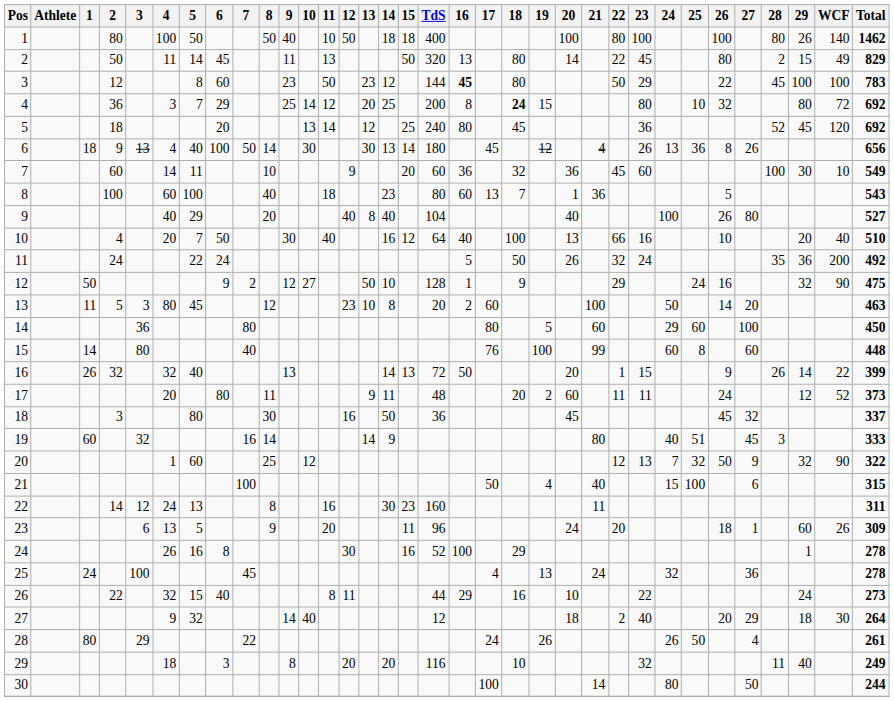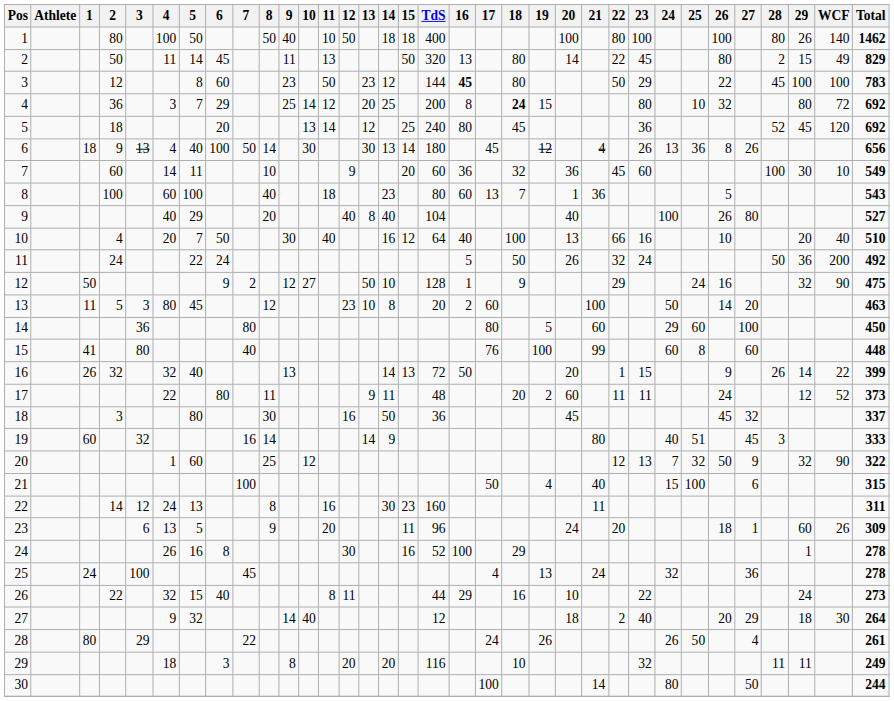 <table class="wikitable" style="font-size: 90%">
 <tr align="right">
 <th>Pos</th>
 <th>Athlete</th>
 <th>1</th>
 <th>2</th>
 <th>3</th>
 <th>4</th>
 <th>5</th>
 <th>6</th>
 <th>7</th>
 <th>8</th>
 <th>9</th>
 <th>10</th>
 <th>11</th>
 <th>12</th>
 <th>13</th>
 <th>14</th>
 <th>15</th>
 <th><a href='#'>TdS</a></th>
 <th>16</th>
 <th>17</th>
 <th>18</th>
 <th>19</th>
 <th>20</th>
 <th>21</th>
 <th>22</th>
 <th>23</th>
 <th>24</th>
 <th>25</th>
 <th>26</th>
 <th>27</th>
 <th>28</th>
 <th>29</th>
 <th>WCF</th>
 <th>Total</th>
 </tr>
 <tr align="right">
 <td>1</td>
 <td align="left"></td>
 <td></td>
 <td>80</td>
 <td></td>
 <td>100</td>
 <td>50</td>
 <td></td>
 <td></td>
 <td>50</td>
 <td>40</td>
 <td></td>
 <td>10</td>
 <td>50</td>
 <td></td>
 <td>18</td>
 <td>18</td>
 <td>400</td>
 <td></td>
 <td></td>
 <td></td>
 <td></td>
 <td>100</td>
 <td></td>
 <td>80</td>
 <td>100</td>
 <td></td>
 <td></td>
 <td>100</td>
 <td></td>
 <td>80</td>
 <td>26</td>
 <td>140</td>
 <td><strong>1462</strong></td>
 </tr>
 <tr align="right">
 <td>2</td>
 <td align="left"></td>
 <td></td>
 <td>50</td>
 <td></td>
 <td>11</td>
 <td>14</td>
 <td>45</td>
 <td></td>
 <td></td>
 <td>11</td>
 <td></td>
 <td>13</td>
 <td></td>
 <td></td>
 <td></td>
 <td>50</td>
 <td>320</td>
 <td>13</td>
 <td></td>
 <td>80</td>
 <td></td>
 <td>14</td>
 <td></td>
 <td>22</td>
 <td>45</td>
 <td></td>
 <td></td>
 <td>80</td>
 <td></td>
 <td>2</td>
 <td>15</td>
 <td>49</td>
 <td><strong>829</strong></td>
 </tr>
 <tr align="right">
 <td>3</td>
 <td align="left"></td>
 <td></td>
 <td>12</td>
 <td></td>
 <td></td>
 <td>8</td>
 <td>60</td>
 <td></td>
 <td></td>
 <td>23</td>
 <td></td>
 <td>50</td>
 <td></td>
 <td>23</td>
 <td>12</td>
 <td></td>
 <td>144</td>
 <td><strong>45</strong></td>
 <td></td>
 <td>80</td>
 <td></td>
 <td></td>
 <td></td>
 <td>50</td>
 <td>29</td>
 <td></td>
 <td></td>
 <td>22</td>
 <td></td>
 <td>45</td>
 <td>100</td>
 <td>100</td>
 <td><strong>783</strong></td>
 </tr>
 <tr align="right">
 <td>4</td>
 <td align="left"></td>
 <td></td>
 <td>36</td>
 <td></td>
 <td>3</td>
 <td>7</td>
 <td>29</td>
 <td></td>
 <td></td>
 <td>25</td>
 <td>14</td>
 <td>12</td>
 <td></td>
 <td>20</td>
 <td>25</td>
 <td></td>
 <td>200</td>
 <td>8</td>
 <td></td>
 <td><strong>24</strong></td>
 <td>15</td>
 <td></td>
 <td></td>
 <td></td>
 <td>80</td>
 <td></td>
 <td>10</td>
 <td>32</td>
 <td></td>
 <td></td>
 <td>80</td>
 <td>72</td>
 <td><strong>692</strong></td>
 </tr>
 <tr align="right">
 <td>5</td>
 <td align="left"></td>
 <td></td>
 <td>18</td>
 <td></td>
 <td></td>
 <td></td>
 <td>20</td>
 <td></td>
 <td></td>
 <td></td>
 <td>13</td>
 <td>14</td>
 <td></td>
 <td>12</td>
 <td></td>
 <td>25</td>
 <td>240</td>
 <td>80</td>
 <td></td>
 <td>45</td>
 <td></td>
 <td></td>
 <td></td>
 <td></td>
 <td>36</td>
 <td></td>
 <td></td>
 <td></td>
 <td></td>
 <td>52</td>
 <td>45</td>
 <td>120</td>
 <td><strong>692</strong></td>
 </tr>
 <tr align="right">
 <td>6</td>
 <td align="left"></td>
 <td>18</td>
 <td>9</td>
 <td><s>13</s></td>
 <td>4</td>
 <td>40</td>
 <td>100</td>
 <td>50</td>
 <td>14</td>
 <td></td>
 <td>30</td>
 <td></td>
 <td></td>
 <td>30</td>
 <td>13</td>
 <td>14</td>
 <td>180</td>
 <td></td>
 <td>45</td>
 <td></td>
 <td><s>12</s></td>
 <td></td>
 <td><s>4</s></td>
 <td></td>
 <td>26</td>
 <td>13</td>
 <td>36</td>
 <td>8</td>
 <td>26</td>
 <td></td>
 <td></td>
 <td></td>
 <td><strong>656</strong></td>
 </tr>
 <tr align="right">
 <td>7</td>
 <td align="left"></td>
 <td></td>
 <td>60</td>
 <td></td>
 <td>14</td>
 <td>11</td>
 <td></td>
 <td></td>
 <td>10</td>
 <td></td>
 <td></td>
 <td></td>
 <td>9</td>
 <td></td>
 <td></td>
 <td>20</td>
 <td>60</td>
 <td>36</td>
 <td></td>
 <td>32</td>
 <td></td>
 <td>36</td>
 <td></td>
 <td>45</td>
 <td>60</td>
 <td></td>
 <td></td>
 <td></td>
 <td></td>
 <td>100</td>
 <td>30</td>
 <td>10</td>
 <td><strong>549</strong></td>
 </tr>
 <tr align="right">
 <td>8</td>
 <td align="left"></td>
 <td></td>
 <td>100</td>
 <td></td>
 <td>60</td>
 <td>100</td>
 <td></td>
 <td></td>
 <td>40</td>
 <td></td>
 <td></td>
 <td>18</td>
 <td></td>
 <td></td>
 <td>23</td>
 <td></td>
 <td>80</td>
 <td>60</td>
 <td>13</td>
 <td>7</td>
 <td></td>
 <td>1</td>
 <td>36</td>
 <td></td>
 <td></td>
 <td></td>
 <td></td>
 <td>5</td>
 <td></td>
 <td></td>
 <td></td>
 <td></td>
 <td><strong>543</strong></td>
 </tr>
 <tr align="right">
 <td>9</td>
 <td align="left"></td>
 <td></td>
 <td></td>
 <td></td>
 <td>40</td>
 <td>29</td>
 <td></td>
 <td></td>
 <td>20</td>
 <td></td>
 <td></td>
 <td></td>
 <td>40</td>
 <td>8</td>
 <td>40</td>
 <td></td>
 <td>104</td>
 <td></td>
 <td></td>
 <td></td>
 <td></td>
 <td>40</td>
 <td></td>
 <td></td>
 <td></td>
 <td>100</td>
 <td></td>
 <td>26</td>
 <td>80</td>
 <td></td>
 <td></td>
 <td></td>
 <td><strong>527</strong></td>
 </tr>
 <tr align="right">
 <td>10</td>
 <td align="left"></td>
 <td></td>
 <td>4</td>
 <td></td>
 <td>20</td>
 <td>7</td>
 <td>50</td>
 <td></td>
 <td></td>
 <td>30</td>
 <td></td>
 <td>40</td>
 <td></td>
 <td></td>
 <td>16</td>
 <td>12</td>
 <td>64</td>
 <td>40</td>
 <td></td>
 <td>100</td>
 <td></td>
 <td>13</td>
 <td></td>
 <td>66</td>
 <td>16</td>
 <td></td>
 <td></td>
 <td>10</td>
 <td></td>
 <td></td>
 <td>20</td>
 <td>40</td>
 <td><strong>510</strong></td>
 </tr>
 <tr align="right">
 <td>11</td>
 <td align="left"></td>
 <td></td>
 <td>24</td>
 <td></td>
 <td></td>
 <td>22</td>
 <td>24</td>
 <td></td>
 <td></td>
 <td></td>
 <td></td>
 <td></td>
 <td></td>
 <td></td>
 <td></td>
 <td></td>
 <td></td>
 <td>5</td>
 <td></td>
 <td>50</td>
 <td></td>
 <td>26</td>
 <td></td>
 <td>32</td>
 <td>24</td>
 <td></td>
 <td></td>
 <td></td>
 <td></td>
-<td>35</td>
+<td>50</td>
 <td>36</td>
 <td>200</td>
 <td><strong>492</strong></td>
 </tr>
 <tr align="right">
 <td>12</td>
 <td align="left"></td>
 <td>50</td>
 <td></td>
 <td></td>
 <td></td>
 <td></td>
 <td>9</td>
 <td>2</td>
 <td></td>
 <td>12</td>
 <td>27</td>
 <td></td>
 <td></td>
 <td>50</td>
 <td>10</td>
 <td></td>
 <td>128</td>
 <td>1</td>
 <td></td>
 <td>9</td>
 <td></td>
 <td></td>
 <td></td>
 <td>29</td>
 <td></td>
 <td></td>
 <td>24</td>
 <td>16</td>
 <td></td>
 <td></td>
 <td>32</td>
 <td>90</td>
 <td><strong>475</strong></td>
 </tr>
 <tr align="right">
 <td>13</td>
 <td align="left"></td>
 <td>11</td>
 <td>5</td>
 <td>3</td>
 <td>80</td>
 <td>45</td>
 <td></td>
 <td></td>
 <td>12</td>
 <td></td>
 <td></td>
 <td></td>
 <td>23</td>
 <td>10</td>
 <td>8</td>
 <td></td>
 <td>20</td>
 <td>2</td>
 <td>60</td>
 <td></td>
 <td></td>
 <td></td>
 <td>100</td>
 <td></td>
 <td></td>
 <td>50</td>
 <td></td>
 <td>14</td>
 <td>20</td>
 <td></td>
 <td></td>
 <td></td>
 <td><strong>463</strong></td>
 </tr>
 <tr align="right">
 <td>14</td>
 <td align="left"></td>
 <td></td>
 <td></td>
 <td>36</td>
 <td></td>
 <td></td>
 <td></td>
 <td>80</td>
 <td></td>
 <td></td>
 <td></td>
 <td></td>
 <td></td>
 <td></td>
 <td></td>
 <td></td>
 <td></td>
 <td></td>
 <td>80</td>
 <td></td>
 <td>5</td>
 <td></td>
 <td>60</td>
 <td></td>
 <td></td>
 <td>29</td>
 <td>60</td>
 <td></td>
 <td>100</td>
 <td></td>
 <td></td>
 <td></td>
 <td><strong>450</strong></td>
 </tr>
 <tr align="right">
 <td>15</td>
 <td align="left"></td>
-<td>14</td>
+<td>41</td>
 <td></td>
 <td>80</td>
 <td></td>
 <td></td>
 <td></td>
 <td>40</td>
 <td></td>
 <td></td>
 <td></td>
 <td></td>
 <td></td>
 <td></td>
 <td></td>
 <td></td>
 <td></td>
 <td></td>
 <td>76</td>
 <td></td>
 <td>100</td>
 <td></td>
 <td>99</td>
 <td></td>
 <td></td>
 <td>60</td>
 <td>8</td>
 <td></td>
 <td>60</td>
 <td></td>
 <td></td>
 <td></td>
 <td><strong>448</strong></td>
 </tr>
 <tr align="right">
 <td>16</td>
 <td align="left"></td>
 <td>26</td>
 <td>32</td>
 <td></td>
 <td>32</td>
 <td>40</td>
 <td></td>
 <td></td>
 <td></td>
 <td>13</td>
 <td></td>
 <td></td>
 <td></td>
 <td></td>
 <td>14</td>
 <td>13</td>
 <td>72</td>
 <td>50</td>
 <td></td>
 <td></td>
 <td></td>
 <td>20</td>
 <td></td>
 <td>1</td>
 <td>15</td>
 <td></td>
 <td></td>
 <td>9</td>
 <td></td>
 <td>26</td>
 <td>14</td>
 <td>22</td>
 <td><strong>399</strong></td>
 </tr>
 <tr align="right">
 <td>17</td>
 <td align="left"></td>
 <td></td>
 <td></td>
 <td></td>
-<td>20</td>
+<td>22</td>
 <td></td>
 <td>80</td>
 <td></td>
 <td>11</td>
 <td></td>
 <td></td>
 <td></td>
 <td></td>
 <td>9</td>
 <td>11</td>
 <td></td>
 <td>48</td>
 <td></td>
 <td></td>
 <td>20</td>
 <td>2</td>
 <td>60</td>
 <td></td>
 <td>11</td>
 <td>11</td>
 <td></td>
 <td></td>
 <td>24</td>
 <td></td>
 <td></td>
 <td>12</td>
 <td>52</td>
 <td><strong>373</strong></td>
 </tr>
 <tr align="right">
 <td>18</td>
 <td align="left"></td>
 <td></td>
 <td>3</td>
 <td></td>
 <td></td>
 <td>80</td>
 <td></td>
 <td></td>
 <td>30</td>
 <td></td>
 <td></td>
 <td></td>
 <td>16</td>
 <td></td>
 <td>50</td>
 <td></td>
 <td>36</td>
 <td></td>
 <td></td>
 <td></td>
 <td></td>
 <td>45</td>
 <td></td>
 <td></td>
 <td></td>
 <td></td>
 <td></td>
 <td>45</td>
 <td>32</td>
 <td></td>
 <td></td>
 <td></td>
 <td><strong>337</strong></td>
 </tr>
 <tr align="right">
 <td>19</td>
 <td align="left"></td>
 <td>60</td>
 <td></td>
 <td>32</td>
 <td></td>
 <td></td>
 <td></td>
 <td>16</td>
 <td>14</td>
 <td></td>
 <td></td>
 <td></td>
 <td></td>
 <td>14</td>
 <td>9</td>
 <td></td>
 <td></td>
 <td></td>
 <td></td>
 <td></td>
 <td></td>
 <td></td>
 <td>80</td>
 <td></td>
 <td></td>
 <td>40</td>
 <td>51</td>
 <td></td>
 <td>45</td>
 <td>3</td>
 <td></td>
 <td></td>
 <td><strong>333</strong></td>
 </tr>
 <tr align="right">
 <td>20</td>
 <td align="left"></td>
 <td></td>
 <td></td>
 <td></td>
 <td>1</td>
 <td>60</td>
 <td></td>
 <td></td>
 <td>25</td>
 <td></td>
 <td>12</td>
 <td></td>
 <td></td>
 <td></td>
 <td></td>
 <td></td>
 <td></td>
 <td></td>
 <td></td>
 <td></td>
 <td></td>
 <td></td>
 <td></td>
 <td>12</td>
 <td>13</td>
 <td>7</td>
 <td>32</td>
 <td>50</td>
 <td>9</td>
 <td></td>
 <td>32</td>
 <td>90</td>
 <td><strong>322</strong></td>
 </tr>
 <tr align="right">
 <td>21</td>
 <td align="left"></td>
 <td></td>
 <td></td>
 <td></td>
 <td></td>
 <td></td>
 <td></td>
 <td>100</td>
 <td></td>
 <td></td>
 <td></td>
 <td></td>
 <td></td>
 <td></td>
 <td></td>
 <td></td>
 <td></td>
 <td></td>
 <td>50</td>
 <td></td>
 <td>4</td>
 <td></td>
 <td>40</td>
 <td></td>
 <td></td>
 <td>15</td>
 <td>100</td>
 <td></td>
 <td>6</td>
 <td></td>
 <td></td>
 <td></td>
 <td><strong>315</strong></td>
 </tr>
 <tr align="right">
 <td>22</td>
 <td align="left"></td>
 <td></td>
 <td>14</td>
 <td>12</td>
 <td>24</td>
 <td>13</td>
 <td></td>
 <td></td>
 <td>8</td>
 <td></td>
 <td></td>
 <td>16</td>
 <td></td>
 <td></td>
 <td>30</td>
 <td>23</td>
 <td>160</td>
 <td></td>
 <td></td>
 <td></td>
 <td></td>
 <td></td>
 <td>11</td>
 <td></td>
 <td></td>
 <td></td>
 <td></td>
 <td></td>
 <td></td>
 <td></td>
 <td></td>
 <td></td>
 <td><strong>311</strong></td>
 </tr>
 <tr align="right">
 <td>23</td>
 <td align="left"></td>
 <td></td>
 <td></td>
 <td>6</td>
 <td>13</td>
 <td>5</td>
 <td></td>
 <td></td>
 <td>9</td>
 <td></td>
 <td></td>
 <td>20</td>
 <td></td>
 <td></td>
 <td></td>
 <td>11</td>
 <td>96</td>
 <td></td>
 <td></td>
 <td></td>
 <td></td>
 <td>24</td>
 <td></td>
 <td>20</td>
 <td></td>
 <td></td>
 <td></td>
 <td>18</td>
 <td>1</td>
 <td></td>
 <td>60</td>
 <td>26</td>
 <td><strong>309</strong></td>
 </tr>
 <tr align="right">
 <td>24</td>
 <td align="left"></td>
 <td></td>
 <td></td>
 <td></td>
 <td>26</td>
 <td>16</td>
 <td>8</td>
 <td></td>
 <td></td>
 <td></td>
 <td></td>
 <td></td>
 <td>30</td>
 <td></td>
 <td></td>
 <td>16</td>
 <td>52</td>
 <td>100</td>
 <td></td>
 <td>29</td>
 <td></td>
 <td></td>
 <td></td>
 <td></td>
 <td></td>
 <td></td>
 <td></td>
 <td></td>
 <td></td>
 <td></td>
 <td>1</td>
 <td></td>
 <td><strong>278</strong></td>
 </tr>
 <tr align="right">
 <td>25</td>
 <td align="left"></td>
 <td>24</td>
 <td></td>
 <td>100</td>
 <td></td>
 <td></td>
 <td></td>
 <td>45</td>
 <td></td>
 <td></td>
 <td></td>
 <td></td>
 <td></td>
 <td></td>
 <td></td>
 <td></td>
 <td></td>
 <td></td>
 <td>4</td>
 <td></td>
 <td>13</td>
 <td></td>
 <td>24</td>
 <td></td>
 <td></td>
 <td>32</td>
 <td></td>
 <td></td>
 <td>36</td>
 <td></td>
 <td></td>
 <td></td>
 <td><strong>278</strong></td>
 </tr>
 <tr align="right">
 <td>26</td>
 <td align="left"></td>
 <td></td>
 <td>22</td>
 <td></td>
 <td>32</td>
 <td>15</td>
 <td>40</td>
 <td></td>
 <td></td>
 <td></td>
 <td></td>
 <td>8</td>
 <td>11</td>
 <td></td>
 <td></td>
 <td></td>
 <td>44</td>
 <td>29</td>
 <td></td>
 <td>16</td>
 <td></td>
 <td>10</td>
 <td></td>
 <td></td>
 <td>22</td>
 <td></td>
 <td></td>
 <td></td>
 <td></td>
 <td></td>
 <td>24</td>
 <td></td>
 <td><strong>273</strong></td>
 </tr>
 <tr align="right">
 <td>27</td>
 <td align="left"></td>
 <td></td>
 <td></td>
 <td></td>
 <td>9</td>
 <td>32</td>
 <td></td>
 <td></td>
 <td></td>
 <td>14</td>
 <td>40</td>
 <td></td>
 <td></td>
 <td></td>
 <td></td>
 <td></td>
 <td>12</td>
 <td></td>
 <td></td>
 <td></td>
 <td></td>
 <td>18</td>
 <td></td>
 <td>2</td>
 <td>40</td>
 <td></td>
 <td></td>
 <td>20</td>
 <td>29</td>
 <td></td>
 <td>18</td>
 <td>30</td>
 <td><strong>264</strong></td>
 </tr>
 <tr align="right">
 <td>28</td>
 <td align="left"></td>
 <td>80</td>
 <td></td>
 <td>29</td>
 <td></td>
 <td></td>
 <td></td>
 <td>22</td>
 <td></td>
 <td></td>
 <td></td>
 <td></td>
 <td></td>
 <td></td>
 <td></td>
 <td></td>
 <td></td>
 <td></td>
 <td>24</td>
 <td></td>
 <td>26</td>
 <td></td>
 <td></td>
 <td></td>
 <td></td>
 <td>26</td>
 <td>50</td>
 <td></td>
 <td>4</td>
 <td></td>
 <td></td>
 <td></td>
 <td><strong>261</strong></td>
 </tr>
 <tr align="right">
 <td>29</td>
 <td align="left"></td>
 <td></td>
 <td></td>
 <td></td>
 <td>18</td>
 <td></td>
 <td>3</td>
 <td></td>
 <td></td>
 <td>8</td>
 <td></td>
 <td></td>
 <td>20</td>
 <td></td>
 <td>20</td>
 <td></td>
 <td>116</td>
 <td></td>
 <td></td>
 <td>10</td>
 <td></td>
 <td></td>
 <td></td>
 <td></td>
 <td>32</td>
 <td></td>
 <td></td>
 <td></td>
 <td></td>
 <td>11</td>
-<td>40</td>
+<td>11</td>
 <td></td>
 <td><strong>249</strong></td>
 </tr>
 <tr align="right">
 <td>30</td>
 <td align="left"></td>
 <td></td>
 <td></td>
 <td></td>
 <td></td>
 <td></td>
 <td></td>
 <td></td>
 <td></td>
 <td></td>
 <td></td>
 <td></td>
 <td></td>
 <td></td>
 <td></td>
 <td></td>
 <td></td>
 <td></td>
 <td>100</td>
 <td></td>
 <td></td>
 <td></td>
 <td>14</td>
 <td></td>
 <td></td>
 <td>80</td>
 <td></td>
 <td></td>
 <td>50</td>
 <td></td>
 <td></td>
 <td></td>
 <td><strong>244</strong><br></td>
 </tr>
 <tr>
 </tr>
 </table>
